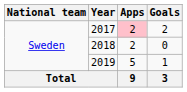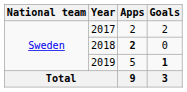 <table class="wikitable" style="text-align:center">
 <tr>
 <th>National team</th>
 <th>Year</th>
 <th>Apps</th>
 <th>Goals</th>
 </tr>
 <tr>
 <td rowspan="3"><a href='#'>Sweden</a></td>
 <td>2017</td>
-<td style="background: pink;">2</td>
+<td>2</td>
 <td>2</td>
 </tr>
 <tr>
 <td>2018</td>
-<td>2</td>
+<td><strong>2</strong></td>
 <td>0</td>
 </tr>
 <tr>
 <td>2019</td>
 <td>5</td>
-<td>1</td>
+<td><strong>1</strong></td>
 </tr>
 <tr>
 <th colspan="2">Total</th>
 <th>9</th>
 <th>3</th>
 </tr>
 </table>
